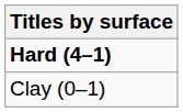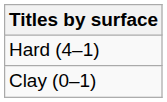 <table class=wikitable style=font-size:97%>
 <tr>
 <th>Titles by surface</th>
 </tr>
 <tr>
-<td><strong>Hard (4–1)</strong></td>
+<td>Hard (4–1)</td>
 </tr>
 <tr>
 <td>Clay (0–1)</td>
 </tr>
 </table>
